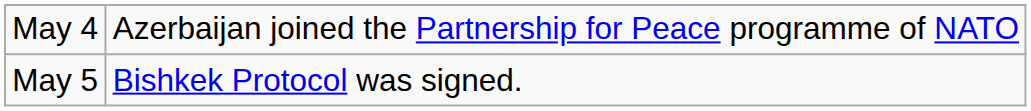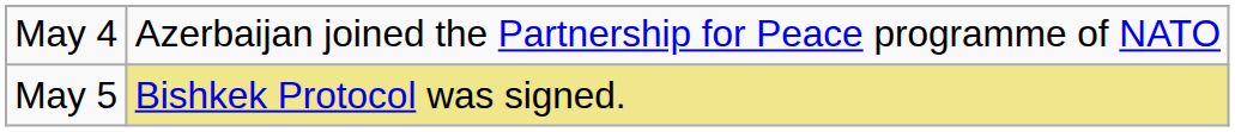 <table class="wikitable">
 <tr>
 <td>May 4</td>
 <td>Azerbaijan joined the <a href='#'>Partnership for Peace</a> programme of <a href='#'>NATO</a></td>
 </tr>
 <tr>
 <td>May 5</td>
-<td><a href='#'>Bishkek Protocol</a> was signed.</td>
+<td style="background: khaki;"><a href='#'>Bishkek Protocol</a> was signed.</td>
 </tr>
 </table>
